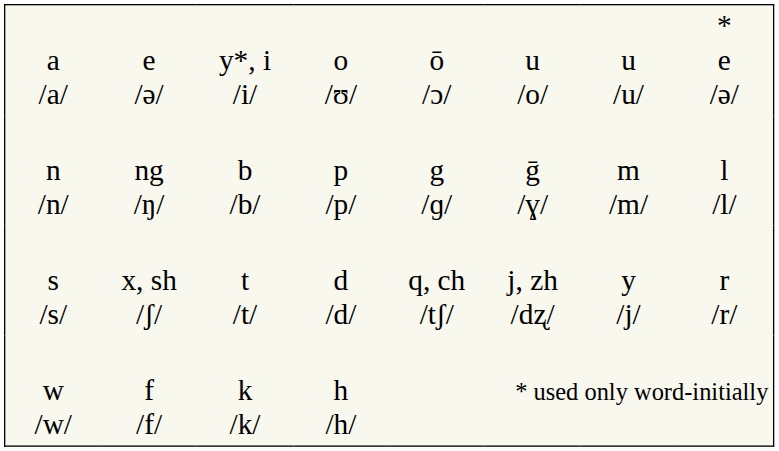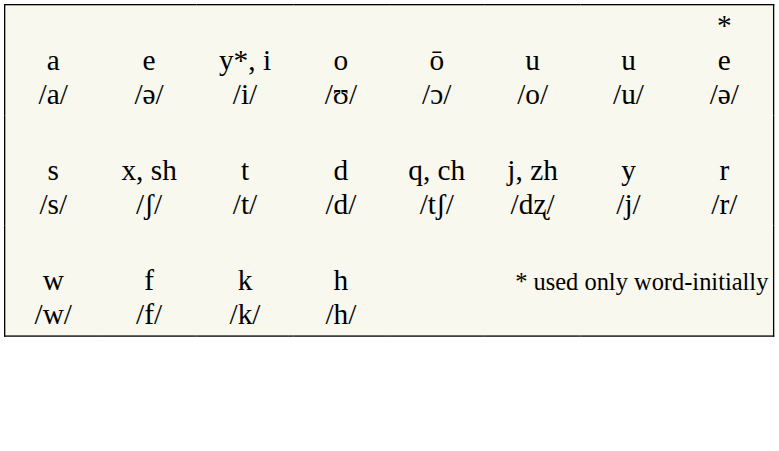 <table style="font-family:Times New Roman; font-size:1.4em; border-color:black; border-width:1px; border-style:solid; border-collapse:collapse; background-color:#F8F8EF">
 <tr>
 <td style="width:3em; text-align:center; padding: 3px;"><br>a<br>/a/</td>
 <td style="width:3em; text-align:center; padding: 3px;"><br>e<br>/ə/</td>
 <td style="width:3em; text-align:center; padding: 3px;"><br>y*, i<br>/i/</td>
 <td style="width:3em; text-align:center; padding: 3px;"><br>o<br>/ʊ/</td>
 <td style="width:3em; text-align:center; padding: 3px;"><br>ō<br>/ɔ/</td>
 <td style="width:3em; text-align:center; padding: 3px;"><br>u<br>/o/</td>
 <td style="width:3em; text-align:center; padding: 3px;"><br>u<br>/u/</td>
 <td style="width:3em; text-align:center; padding: 3px;">*<br>e<br>/ə/</td>
-</tr>
-<tr>
-<td style="width:3em; text-align:center; padding: 3px;"><br>n<br>/n/</td>
-<td style="width:3em; text-align:center; padding: 3px;"><br>ng<br>/ŋ/</td>
-<td style="width:3em; text-align:center; padding: 3px;"><br>b<br>/b/</td>
-<td style="width:3em; text-align:center; padding: 3px;"><br>p<br>/p/</td>
-<td style="width:3em; text-align:center; padding: 3px;"><br>g<br>/ɡ/</td>
-<td style="width:3em; text-align:center; padding: 3px;"><br>ḡ<br>/ɣ/</td>
-<td style="width:3em; text-align:center; padding: 3px;"><br>m<br>/m/</td>
-<td style="width:3em; text-align:center; padding: 3px;"><br>l<br>/l/</td>
 </tr>
 <tr>
 <td style="width:3em; text-align:center; padding: 3px;"><br>s<br>/s/</td>
 <td style="width:3em; text-align:center; padding: 3px;"><br>x, sh<br>/ʃ/</td>
 <td style="width:3em; text-align:center; padding: 3px;"><br>t<br>/t/</td>
 <td style="width:3em; text-align:center; padding: 3px;"><br>d<br>/d/</td>
 <td style="width:3em; text-align:center; padding: 3px;"><br>q, ch<br>/tʃ/</td>
 <td style="width:3em; text-align:center; padding: 3px;"><br>j, zh<br>/dʐ/</td>
 <td style="width:3em; text-align:center; padding: 3px;"><br>y<br>/j/</td>
 <td style="width:3em; text-align:center; padding: 3px;"><br>r<br>/r/</td>
 </tr>
 <tr>
 <td style="width:3em; text-align:center; padding: 3px;"><br>w<br>/w/</td>
 <td style="width:3em; text-align:center; padding: 3px;"><br>f<br>/f/</td>
 <td style="width:3em; text-align:center; padding: 3px;"><br>k<br>/k/</td>
 <td style="width:3em; text-align:center; padding: 3px;"><br>h<br>/h/</td>
 <td colspan=4 style="width:3em; text-align:right; padding: 3px;"><small>* used only word-initially</small></td>
 </tr>
 </table>
